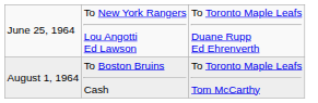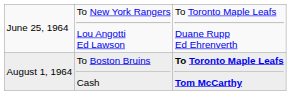 <table class="wikitable">
 <tr>
 <td>June 25, 1964</td>
 <td valign="top">To <a href='#'>New York Rangers</a><hr><a href='#'>Lou Angotti</a> <br> <a href='#'>Ed Lawson</a></td>
 <td valign="top">To <a href='#'>Toronto Maple Leafs</a><hr><a href='#'>Duane Rupp</a> <br> <a href='#'>Ed Ehrenverth</a></td>
 </tr>
 <tr bgcolor="#eeeeee">
 <td>August 1, 1964</td>
 <td valign="top">To <a href='#'>Boston Bruins</a><hr>Cash</td>
-<td valign="top">To <a href='#'>Toronto Maple Leafs</a><hr><a href='#'>Tom McCarthy</a></td>
+<td valign="top"><strong>To <a href='#'>Toronto Maple Leafs</a><hr><a href='#'>Tom McCarthy</a></strong></td>
 </tr>
 </table>
